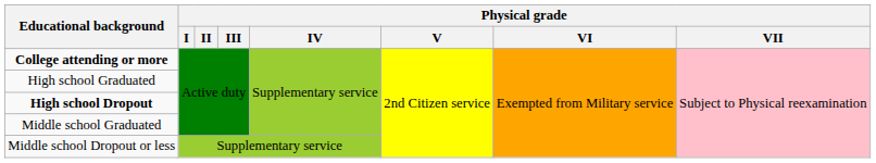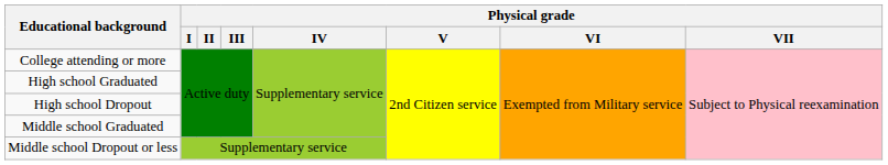 <table class="wikitable">
 <tr>
 <th rowspan="2">Educational background</th>
 <th colspan="7">Physical grade</th>
 </tr>
 <tr>
 <th>I</th>
 <th>II</th>
 <th>III</th>
 <th>IV</th>
 <th>V</th>
 <th>VI</th>
 <th>VII</th>
 </tr>
 <tr>
-<td div style="text-align:center"><strong>College attending or more</strong></td>
+<td div style="text-align:center">College attending or more</td>
 <td colspan="3" rowspan="4" div style="background:green; text-align:center;">Active duty</td>
 <td rowspan="4" div style="background:yellowgreen; text-align:center;">Supplementary service</td>
 <td rowspan="5" div style="background:yellow; text-align:center;">2nd Citizen service</td>
 <td rowspan="5" div style="background:orange; text-align:center;">Exempted from Military service</td>
 <td rowspan="5" div style="background:pink; text-align:center;">Subject to Physical reexamination</td>
 </tr>
 <tr>
 <td div style="text-align:center">High school Graduated</td>
 </tr>
 <tr>
-<td div style="text-align:center"><strong>High school Dropout</strong></td>
+<td div style="text-align:center">High school Dropout</td>
 </tr>
 <tr>
 <td div style="text-align:center">Middle school Graduated</td>
 </tr>
 <tr>
 <td div style="text-align:center">Middle school Dropout or less</td>
 <td colspan="4" div style="background:yellowgreen; text-align:center;">Supplementary service</td>
 </tr>
 </table>
